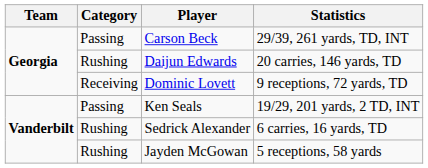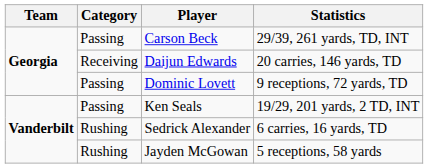 <table class="wikitable" style="float: right;">
 <tr>
 <th>Team</th>
 <th>Category</th>
 <th>Player</th>
 <th>Statistics</th>
 </tr>
 <tr>
 <td rowspan=3><strong>Georgia</strong></td>
 <td>Passing</td>
 <td><a href='#'>Carson Beck</a></td>
 <td>29/39, 261 yards, TD, INT</td>
 </tr>
 <tr>
-<td>Rushing</td>
+<td>Receiving</td>
 <td><a href='#'>Daijun Edwards</a></td>
 <td>20 carries, 146 yards, TD</td>
 </tr>
 <tr>
-<td>Receiving</td>
+<td>Passing</td>
 <td><a href='#'>Dominic Lovett</a></td>
 <td>9 receptions, 72 yards, TD</td>
 </tr>
 <tr>
 <td rowspan=3><strong>Vanderbilt</strong></td>
 <td>Passing</td>
 <td>Ken Seals</td>
 <td>19/29, 201 yards, 2 TD, INT</td>
 </tr>
 <tr>
 <td>Rushing</td>
 <td>Sedrick Alexander</td>
 <td>6 carries, 16 yards, TD</td>
 </tr>
 <tr>
 <td>Rushing</td>
 <td>Jayden McGowan</td>
 <td>5 receptions, 58 yards</td>
 </tr>
 </table>
